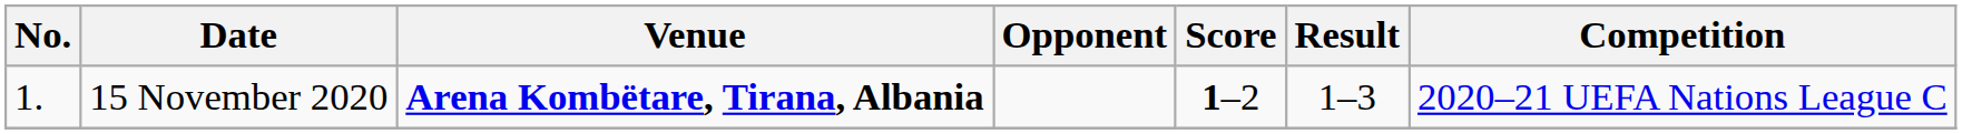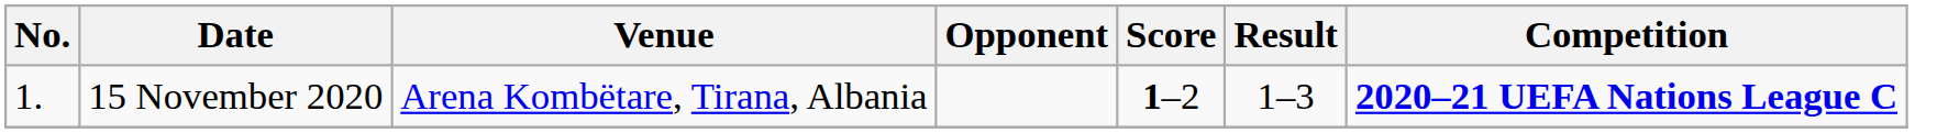 <table class="wikitable plainrowheaders sortable">
 <tr>
 <th>No.</th>
 <th>Date</th>
 <th>Venue</th>
 <th>Opponent</th>
 <th>Score</th>
 <th>Result</th>
 <th>Competition</th>
 </tr>
 <tr>
 <td>1.</td>
 <td>15 November 2020</td>
-<td><strong><a href='#'>Arena Kombëtare</a>, <a href='#'>Tirana</a>, Albania</strong></td>
+<td><a href='#'>Arena Kombëtare</a>, <a href='#'>Tirana</a>, Albania</td>
 <td></td>
 <td align=center><strong>1</strong>–2</td>
 <td align=center>1–3</td>
-<td><a href='#'>2020–21 UEFA Nations League C</a></td>
+<td><strong><a href='#'>2020–21 UEFA Nations League C</a></strong></td>
 </tr>
 <tr>
 </tr>
 </table>
